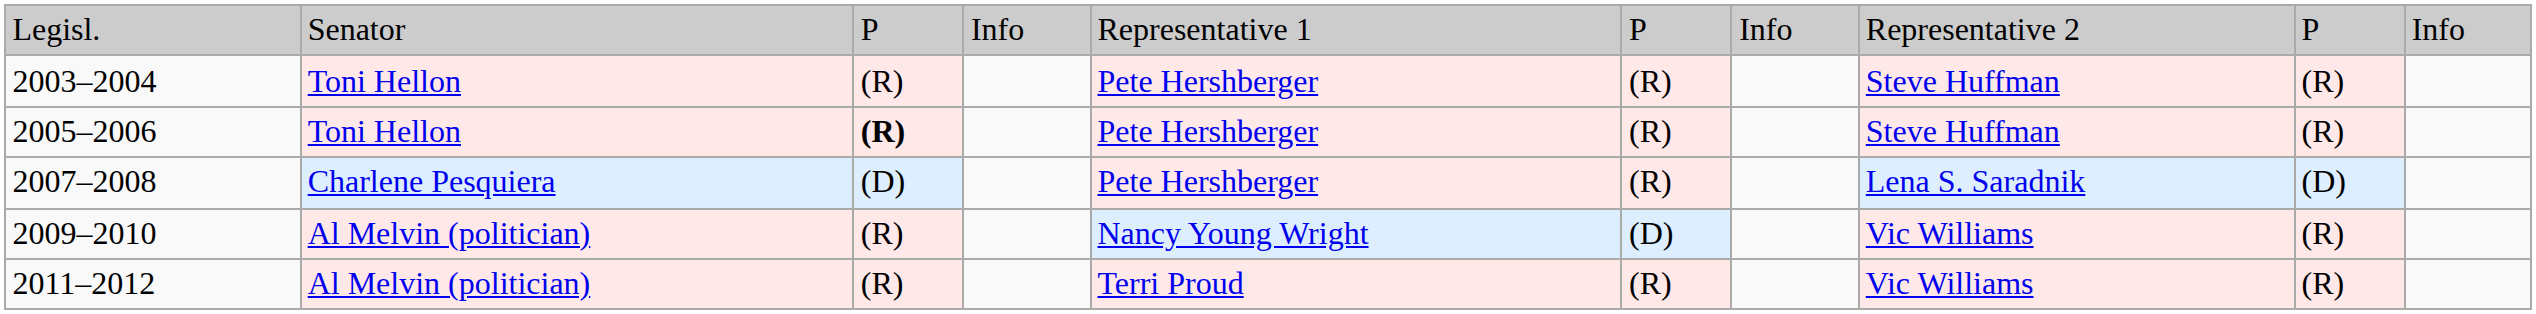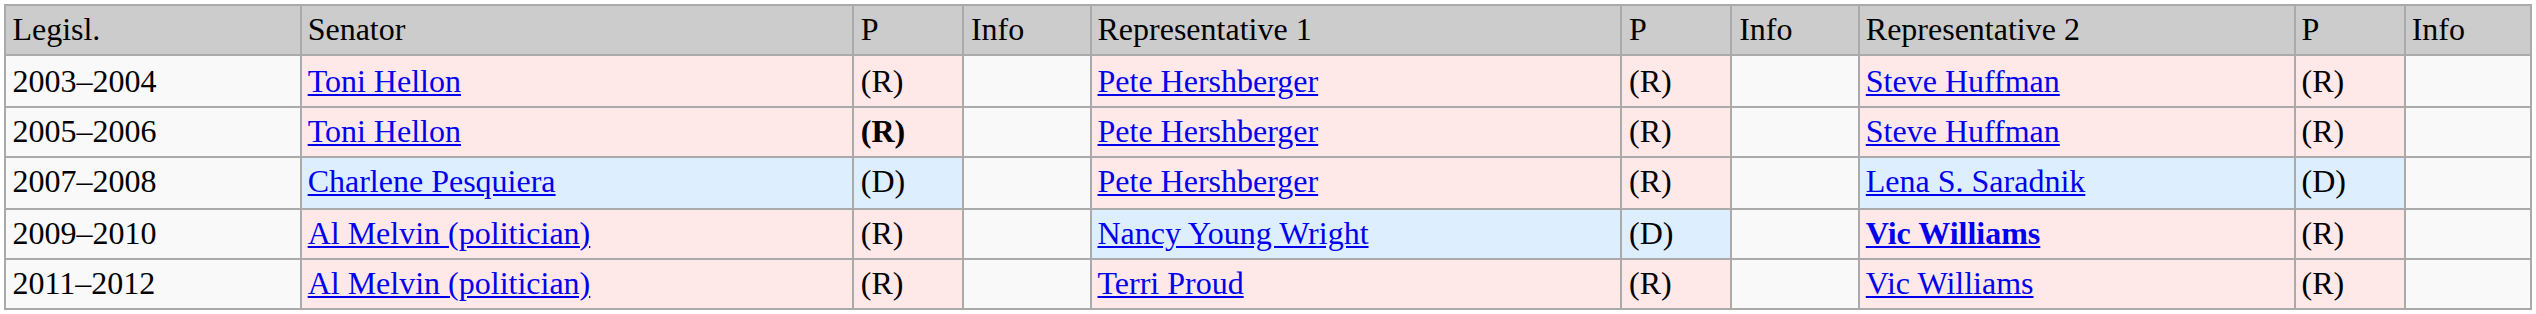 <table class=wikitable width="100%" border="1">
 <tr style="background-color:#cccccc;">
 <td>Legisl.</td>
 <td>Senator</td>
 <td>P</td>
 <td>Info</td>
 <td>Representative 1</td>
 <td>P</td>
 <td>Info</td>
 <td>Representative 2</td>
 <td>P</td>
 <td>Info</td>
 </tr>
 <tr>
 <td>2003–2004</td>
 <td style="background:#FFE8E8"><a href='#'>Toni Hellon</a></td>
 <td style="background:#FFE8E8">(R)</td>
 <td></td>
 <td style="background:#FFE8E8"><a href='#'>Pete Hershberger</a></td>
 <td style="background:#FFE8E8">(R)</td>
 <td></td>
 <td style="background:#FFE8E8"><a href='#'>Steve Huffman</a></td>
 <td style="background:#FFE8E8">(R)</td>
 <td></td>
 </tr>
 <tr>
 <td>2005–2006</td>
 <td style="background:#FFE8E8"><a href='#'>Toni Hellon</a></td>
 <td style="background:#FFE8E8"><strong>(R)</strong></td>
 <td></td>
 <td style="background:#FFE8E8"><a href='#'>Pete Hershberger</a></td>
 <td style="background:#FFE8E8">(R)</td>
 <td></td>
 <td style="background:#FFE8E8"><a href='#'>Steve Huffman</a></td>
 <td style="background:#FFE8E8">(R)</td>
 <td></td>
 </tr>
 <tr>
 <td>2007–2008</td>
 <td style="background:#DDEEFF"><a href='#'>Charlene Pesquiera</a></td>
 <td style="background:#DDEEFF">(D)</td>
 <td></td>
 <td style="background:#FFE8E8"><a href='#'>Pete Hershberger</a></td>
 <td style="background:#FFE8E8">(R)</td>
 <td></td>
 <td style="background:#DDEEFF"><a href='#'>Lena S. Saradnik</a></td>
 <td style="background:#DDEEFF">(D)</td>
 <td></td>
 </tr>
 <tr>
 <td>2009–2010</td>
 <td style="background:#FFE8E8"><a href='#'>Al Melvin (politician)</a></td>
 <td style="background:#FFE8E8">(R)</td>
 <td></td>
 <td style="background:#DDEEFF"><a href='#'>Nancy Young Wright</a></td>
 <td style="background:#DDEEFF">(D)</td>
 <td></td>
-<td style="background:#FFE8E8"><a href='#'>Vic Williams</a></td>
+<td style="background:#FFE8E8"><strong><a href='#'>Vic Williams</a></strong></td>
 <td style="background:#FFE8E8">(R)</td>
 <td></td>
 </tr>
 <tr>
 <td>2011–2012</td>
 <td style="background:#FFE8E8"><a href='#'>Al Melvin (politician)</a></td>
 <td style="background:#FFE8E8">(R)</td>
 <td></td>
 <td style="background:#FFE8E8"><a href='#'>Terri Proud</a></td>
 <td style="background:#FFE8E8">(R)</td>
 <td></td>
 <td style="background:#FFE8E8"><a href='#'>Vic Williams</a></td>
 <td style="background:#FFE8E8">(R)</td>
 <td></td>
 </tr>
 </table>
